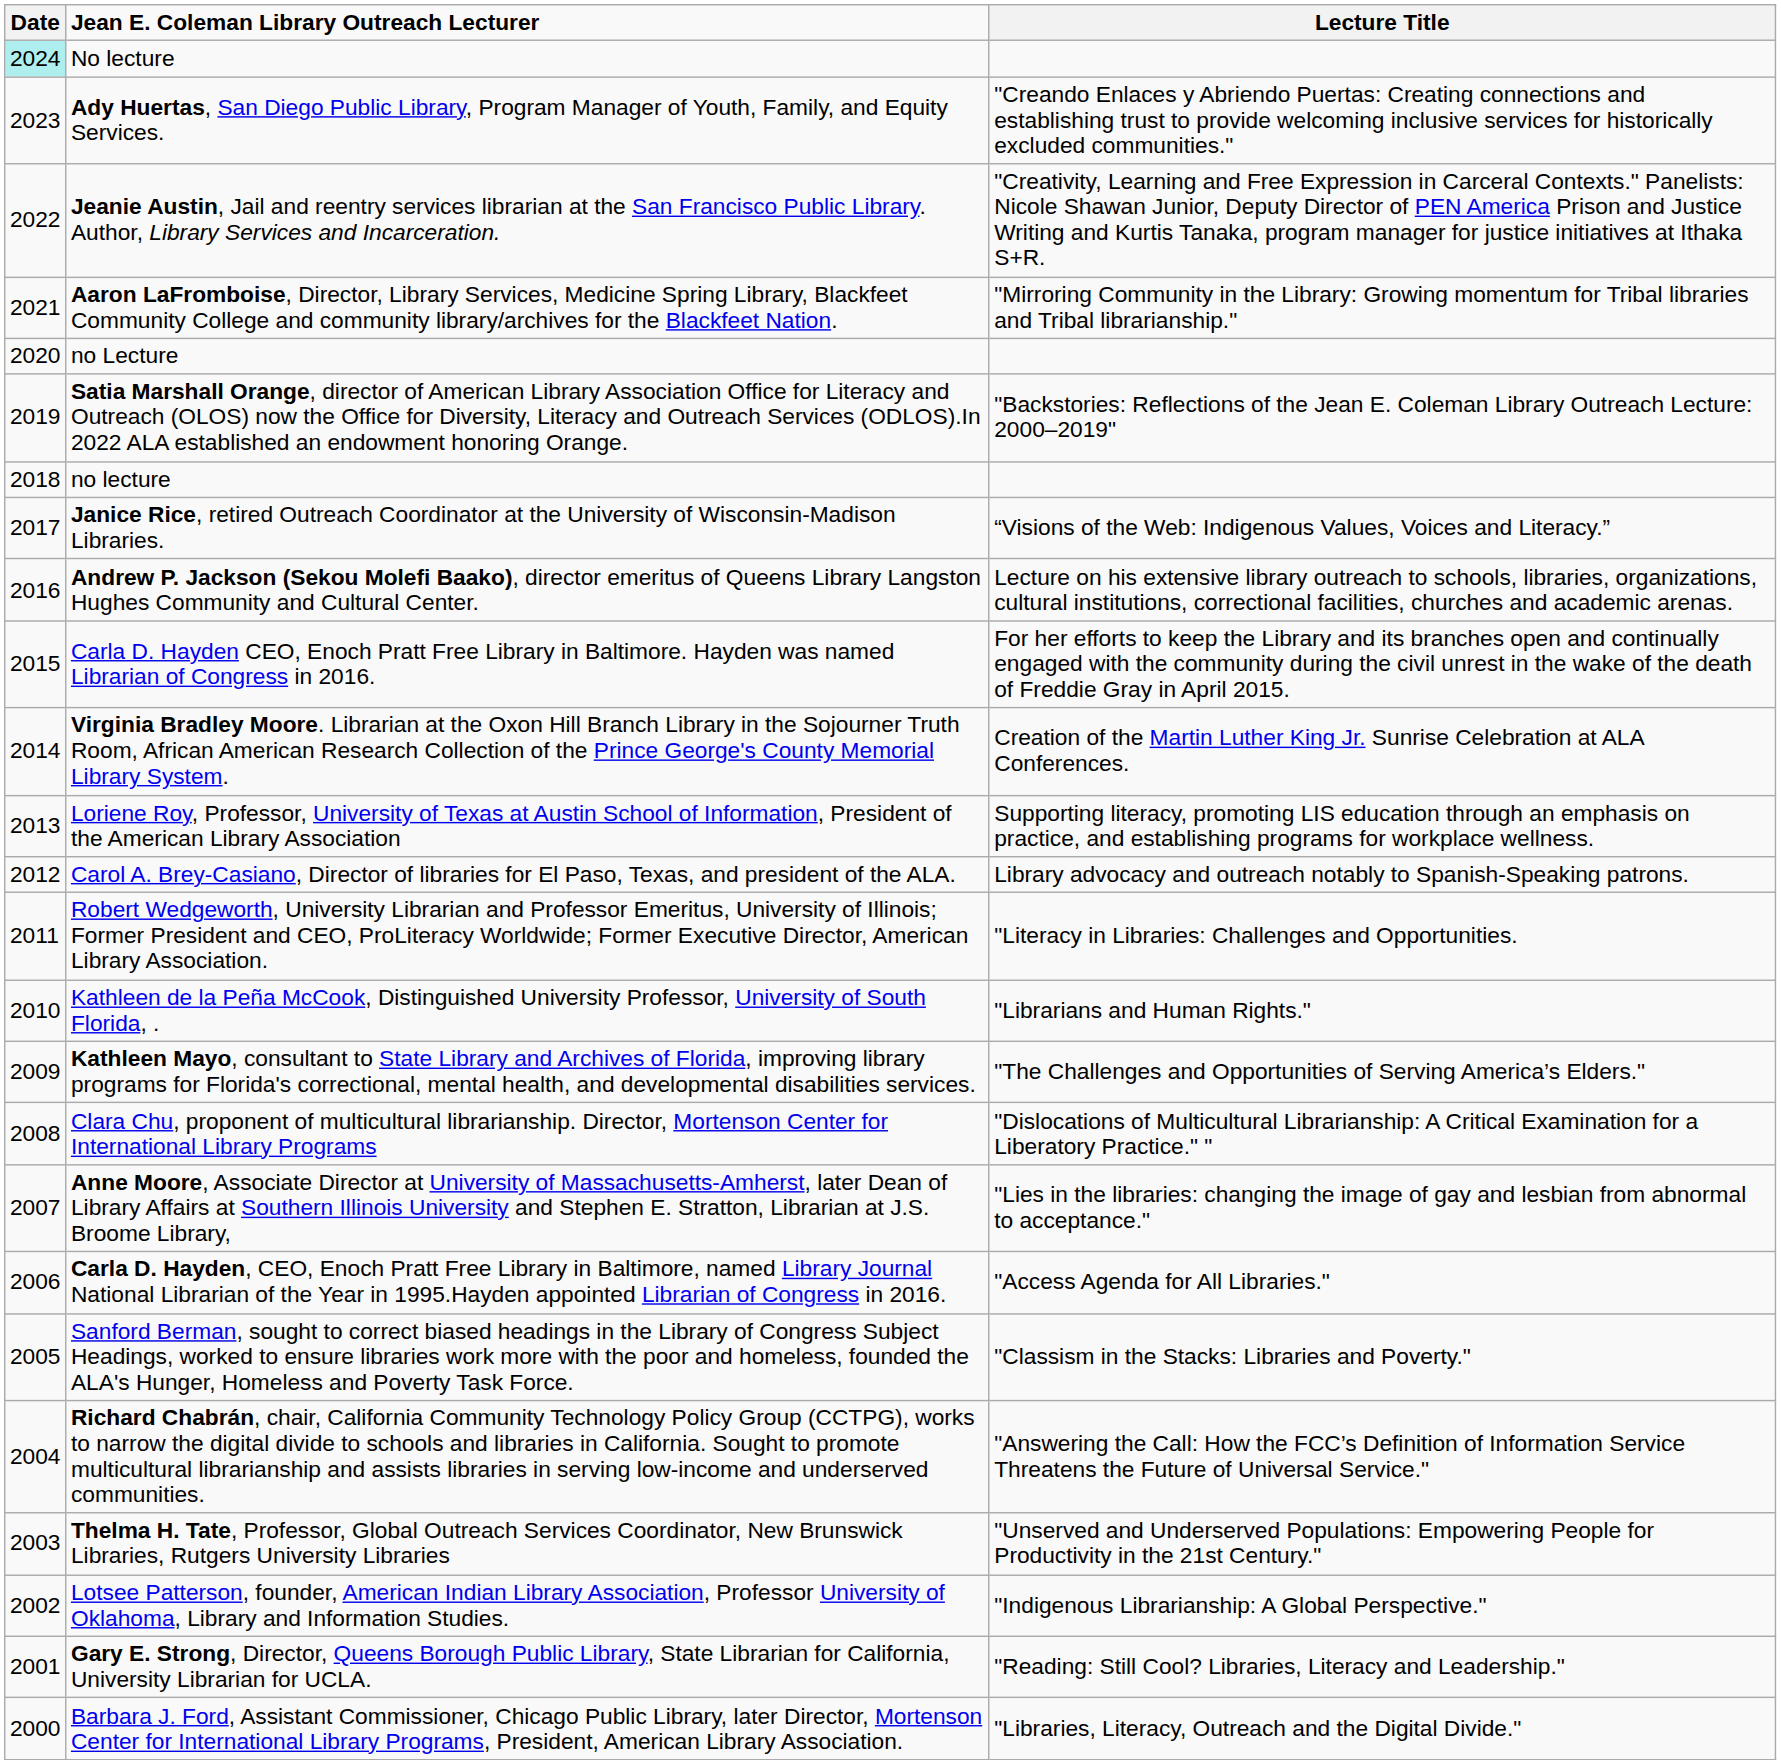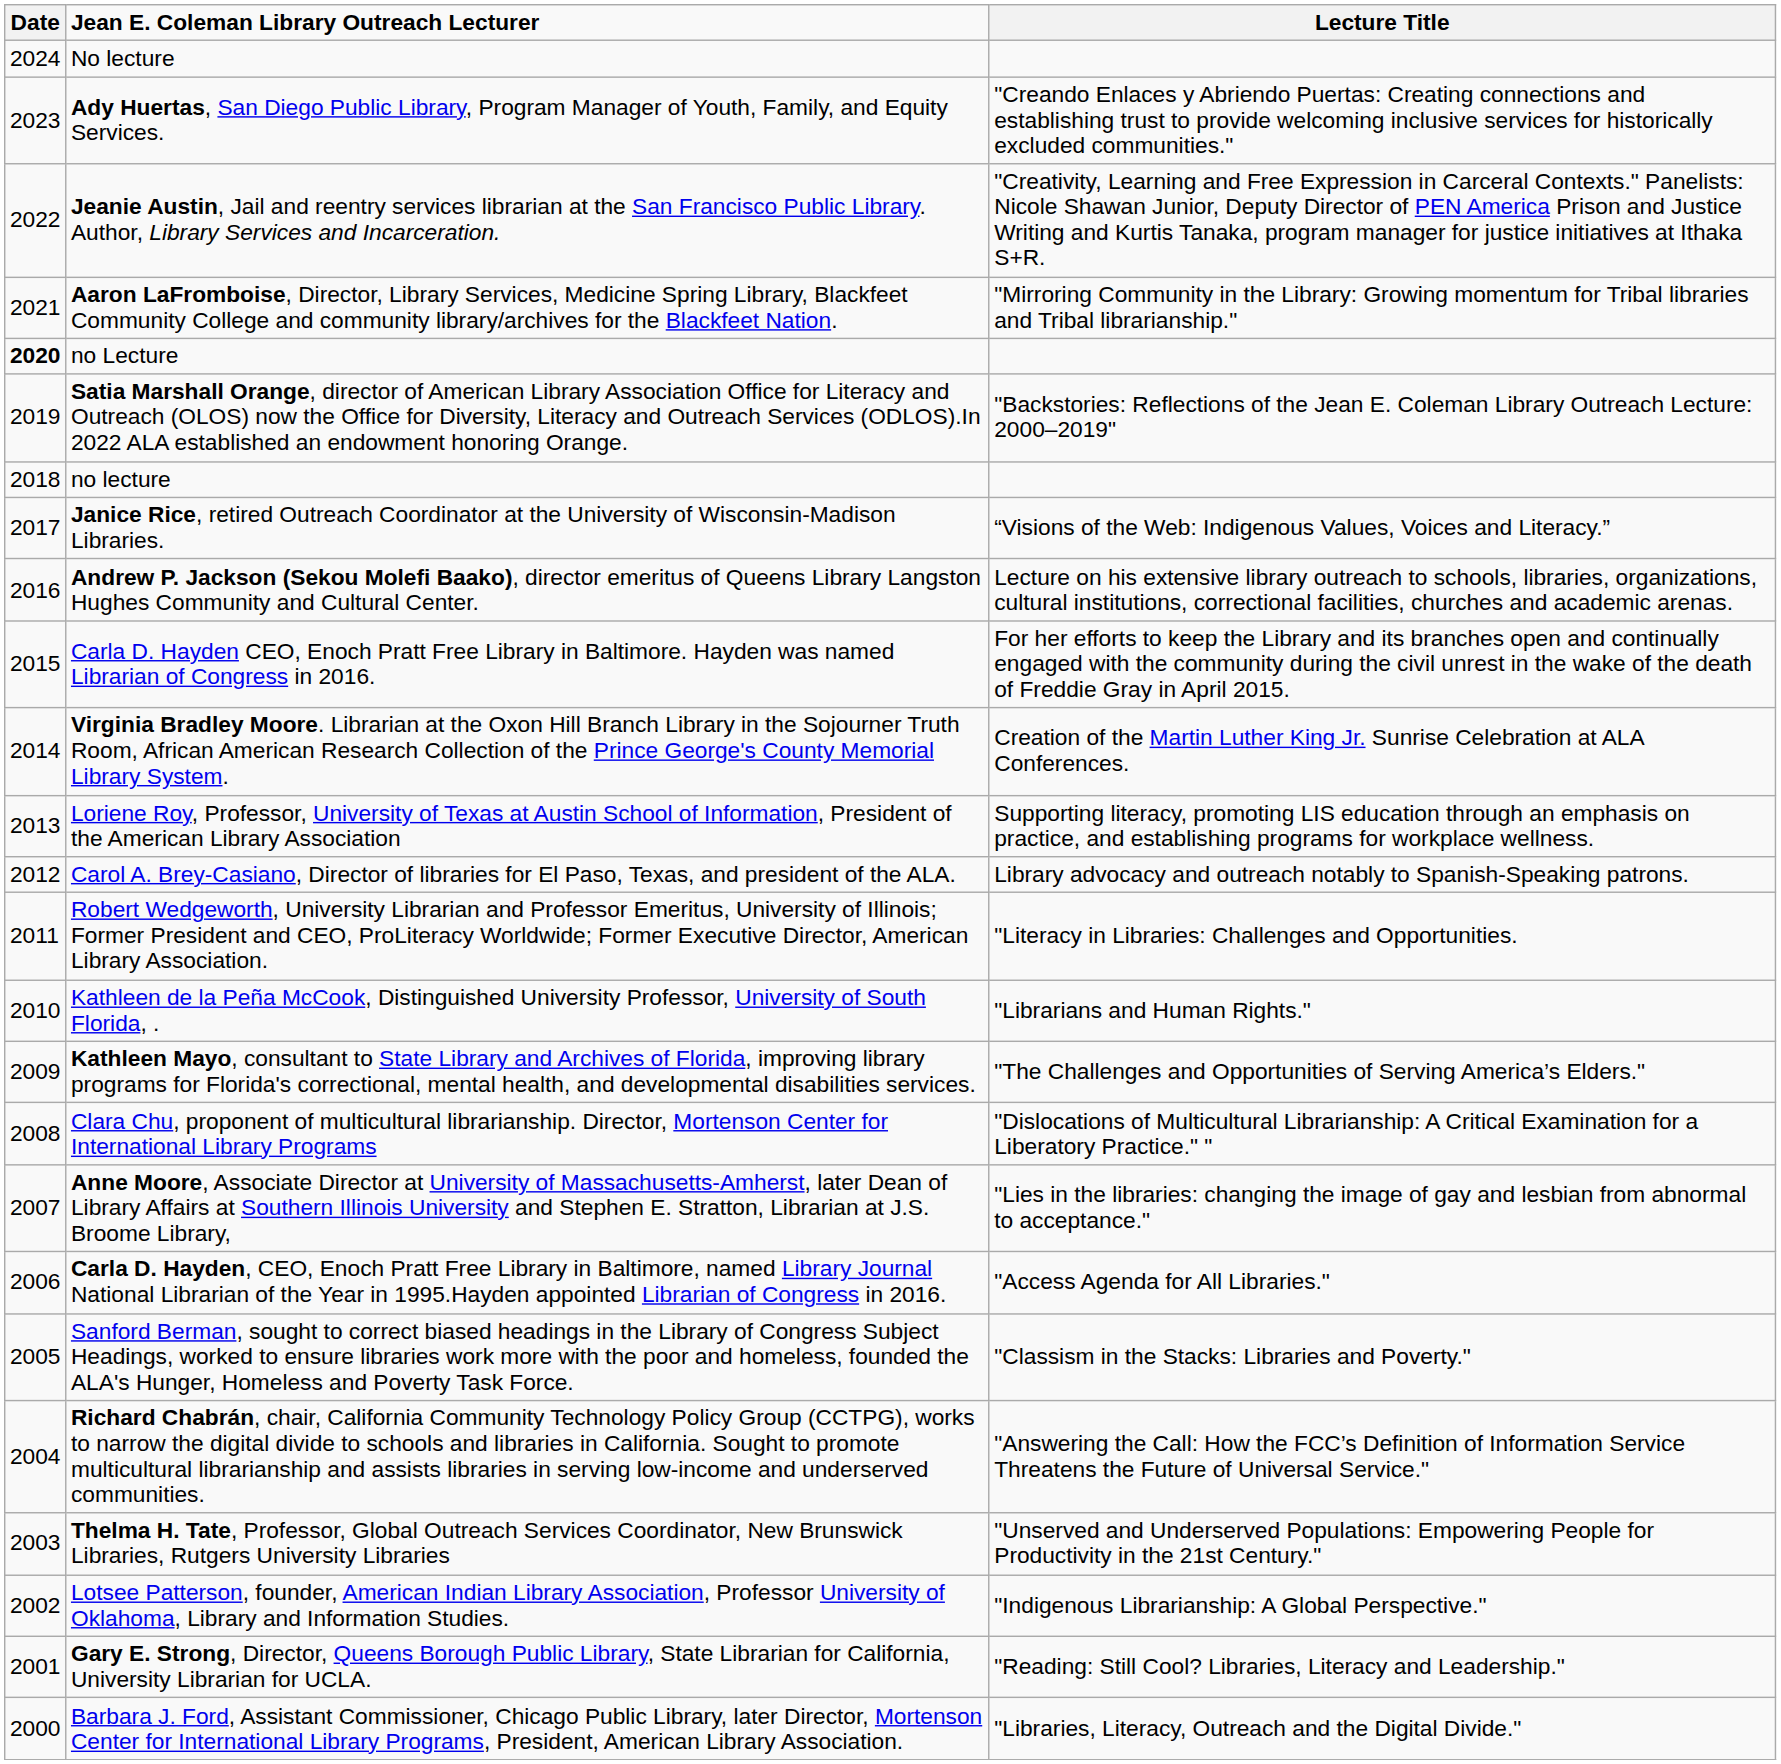 <table class="wikitable sortable">
 <tr>
 <th><strong>Date</strong></th>
 <td><strong> Jean E. Coleman Library Outreach Lecturer</strong></td>
 <th><strong>Lecture Title</strong></th>
 </tr>
 <tr>
-<td style="background: paleturquoise;">2024</td>
+<td>2024</td>
 <td>No lecture</td>
 </tr>
 <tr>
 <td>2023</td>
 <td><strong>Ady Huertas</strong>, <a href='#'>San Diego Public Library</a>, Program Manager of Youth, Family, and Equity Services.</td>
 <td>"Creando Enlaces y Abriendo Puertas: Creating connections and establishing trust to provide welcoming inclusive services for historically excluded communities."</td>
 </tr>
 <tr>
 <td>2022</td>
 <td><strong>Jeanie Austin</strong>, Jail and reentry services librarian at the <a href='#'>San Francisco Public Library</a>. Author, <em>Library Services and Incarceration.</em></td>
 <td>"Creativity, Learning and Free Expression in Carceral Contexts." Panelists: Nicole Shawan Junior, Deputy Director of <a href='#'>PEN America</a> Prison and Justice Writing and Kurtis Tanaka, program manager for justice initiatives at Ithaka S+R.</td>
 </tr>
 <tr>
 <td>2021</td>
 <td><strong>Aaron LaFromboise</strong>, Director, Library Services, Medicine Spring Library, Blackfeet Community College and community library/archives for the <a href='#'>Blackfeet Nation</a>.</td>
 <td>"Mirroring Community in the Library: Growing momentum for Tribal libraries and Tribal librarianship."</td>
 </tr>
 <tr>
-<td>2020</td>
+<td><strong>2020</strong></td>
 <td>no Lecture</td>
 <td></td>
 </tr>
 <tr>
 <td>2019</td>
 <td><strong>Satia Marshall Orange</strong>, director of American Library Association Office for Literacy and Outreach (OLOS) now the Office for Diversity, Literacy and Outreach Services (ODLOS).In 2022 ALA established an endowment honoring Orange.</td>
 <td>"Backstories: Reflections of the Jean E. Coleman Library Outreach Lecture: 2000–2019"</td>
 </tr>
 <tr>
 <td>2018</td>
 <td>no lecture</td>
 <td></td>
 </tr>
 <tr>
 <td>2017</td>
 <td><strong>Janice Rice</strong>, retired Outreach Coordinator at the University of Wisconsin-Madison Libraries.</td>
 <td>“Visions of the Web: Indigenous Values, Voices and Literacy.”</td>
 </tr>
 <tr>
 <td>2016</td>
 <td><strong>Andrew P. Jackson (Sekou Molefi Baako)</strong>, director emeritus of Queens Library Langston Hughes Community and Cultural Center.</td>
 <td>Lecture on his extensive library outreach to schools, libraries, organizations, cultural institutions, correctional facilities, churches and academic arenas.</td>
 </tr>
 <tr>
 <td>2015</td>
 <td><a href='#'>Carla D. Hayden</a> CEO, Enoch Pratt Free Library in Baltimore. Hayden was named <a href='#'>Librarian of Congress</a> in 2016.</td>
 <td>For her efforts to keep the Library and its branches open and continually engaged with the community during the civil unrest in the wake of the death of Freddie Gray in April 2015.</td>
 </tr>
 <tr>
 <td>2014</td>
 <td><strong>Virginia Bradley Moore</strong>. Librarian at the Oxon Hill Branch Library in the Sojourner Truth Room, African American Research Collection of the <a href='#'>Prince George's County Memorial Library System</a>.</td>
 <td>Creation of the <a href='#'>Martin Luther King Jr.</a> Sunrise Celebration at ALA Conferences.</td>
 </tr>
 <tr>
 <td>2013</td>
 <td><a href='#'>Loriene Roy</a>, Professor, <a href='#'>University of Texas at Austin School of Information</a>, President of the American Library Association</td>
 <td>Supporting literacy, promoting LIS education through an emphasis on practice, and establishing programs for workplace wellness.</td>
 </tr>
 <tr>
 <td>2012</td>
 <td><a href='#'>Carol A. Brey-Casiano</a>, Director of libraries for El Paso, Texas, and president of the ALA.</td>
 <td>Library advocacy and outreach notably to Spanish-Speaking patrons.</td>
 </tr>
 <tr>
 <td>2011</td>
 <td><a href='#'>Robert Wedgeworth</a>, University Librarian and Professor Emeritus, University of Illinois; Former President and CEO, ProLiteracy Worldwide; Former Executive Director, American Library Association.</td>
 <td>"Literacy in Libraries: Challenges and Opportunities.</td>
 </tr>
 <tr>
 <td>2010</td>
 <td><a href='#'>Kathleen de la Peña McCook</a>, Distinguished University Professor, <a href='#'>University of South Florida</a>, .</td>
 <td>"Librarians and Human Rights."</td>
 </tr>
 <tr>
 <td>2009</td>
 <td><strong>Kathleen Mayo</strong>, consultant to <a href='#'>State Library and Archives of Florida</a>, improving library programs for Florida's correctional, mental health, and developmental disabilities services.</td>
 <td>"The Challenges and Opportunities of Serving America’s Elders."<br></td>
 </tr>
 <tr>
 <td>2008</td>
 <td><a href='#'>Clara Chu</a>, proponent of multicultural librarianship. Director, <a href='#'>Mortenson Center for International Library Programs</a></td>
 <td>"Dislocations of Multicultural Librarianship: A Critical Examination for a Liberatory Practice." "</td>
 </tr>
 <tr>
 <td>2007</td>
 <td><strong>Anne Moore</strong>, Associate Director at <a href='#'>University of Massachusetts-Amherst</a>, later Dean of Library Affairs at <a href='#'>Southern Illinois University</a> and Stephen E. Stratton, Librarian at J.S. Broome Library,</td>
 <td>"Lies in the libraries: changing the image of gay and lesbian from abnormal to acceptance."</td>
 </tr>
 <tr>
 <td>2006</td>
 <td><strong>Carla D. Hayden</strong>, CEO, Enoch Pratt Free Library in Baltimore, named <a href='#'>Library Journal</a> National Librarian of the Year in 1995.Hayden appointed <a href='#'>Librarian of Congress</a> in 2016.</td>
 <td>"Access Agenda for All Libraries."</td>
 </tr>
 <tr>
 <td>2005</td>
 <td><a href='#'>Sanford Berman</a>, sought to correct biased headings in the Library of Congress Subject Headings, worked to ensure libraries work more with the poor and homeless, founded the ALA's Hunger, Homeless and Poverty Task Force.</td>
 <td>"Classism in the Stacks: Libraries and Poverty."</td>
 </tr>
 <tr>
 <td>2004</td>
 <td><strong>Richard Chabrán</strong>, chair, California Community Technology Policy Group (CCTPG), works to narrow the digital divide to schools and libraries in California. Sought to promote multicultural librarianship and assists libraries in serving low-income and underserved communities.</td>
 <td>"Answering the Call: How the FCC’s Definition of Information Service Threatens the Future of Universal Service."</td>
 </tr>
 <tr>
 <td>2003</td>
 <td><strong>Thelma H. Tate</strong>, Professor, Global Outreach Services Coordinator, New Brunswick Libraries, Rutgers University Libraries</td>
 <td>"Unserved and Underserved Populations: Empowering People for Productivity in the 21st Century."</td>
 </tr>
 <tr>
 <td>2002</td>
 <td><a href='#'>Lotsee Patterson</a>, founder, <a href='#'>American Indian Library Association</a>, Professor <a href='#'>University of Oklahoma</a>, Library and Information Studies.</td>
 <td>"Indigenous Librarianship: A Global Perspective."</td>
 </tr>
 <tr>
 <td>2001</td>
 <td><strong>Gary E. Strong</strong>, Director, <a href='#'>Queens Borough Public Library</a>, State Librarian for California, University Librarian for UCLA.</td>
 <td>"Reading: Still Cool? Libraries, Literacy and Leadership."</td>
 </tr>
 <tr>
 <td>2000</td>
 <td><a href='#'>Barbara J. Ford</a>, Assistant Commissioner, Chicago Public Library, later Director, <a href='#'>Mortenson Center for International Library Programs</a>, President, American Library Association.</td>
 <td>"Libraries, Literacy, Outreach and the Digital Divide."</td>
 </tr>
 <tr>
 </tr>
 </table>
